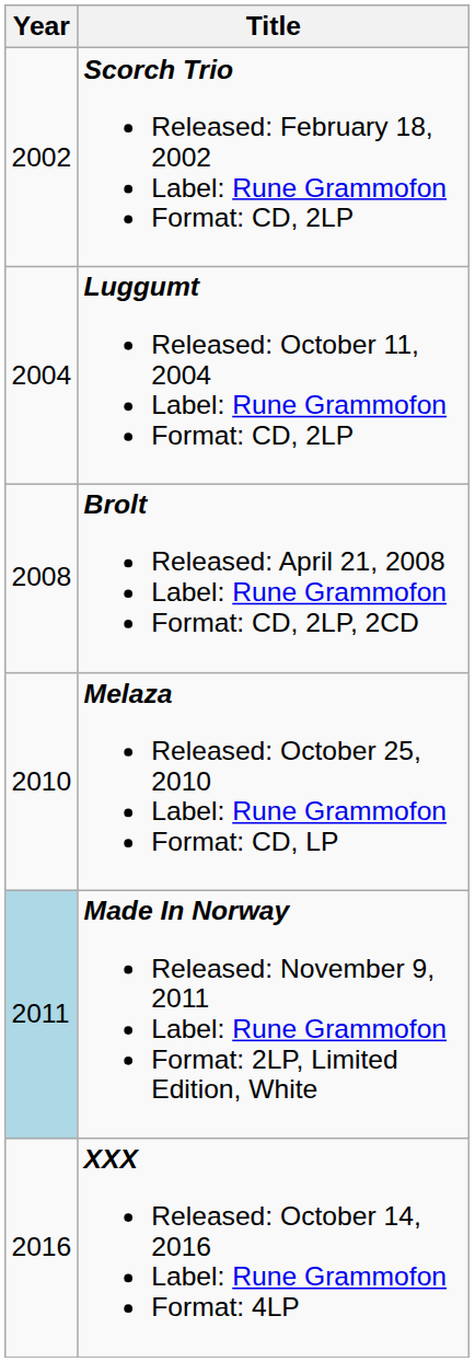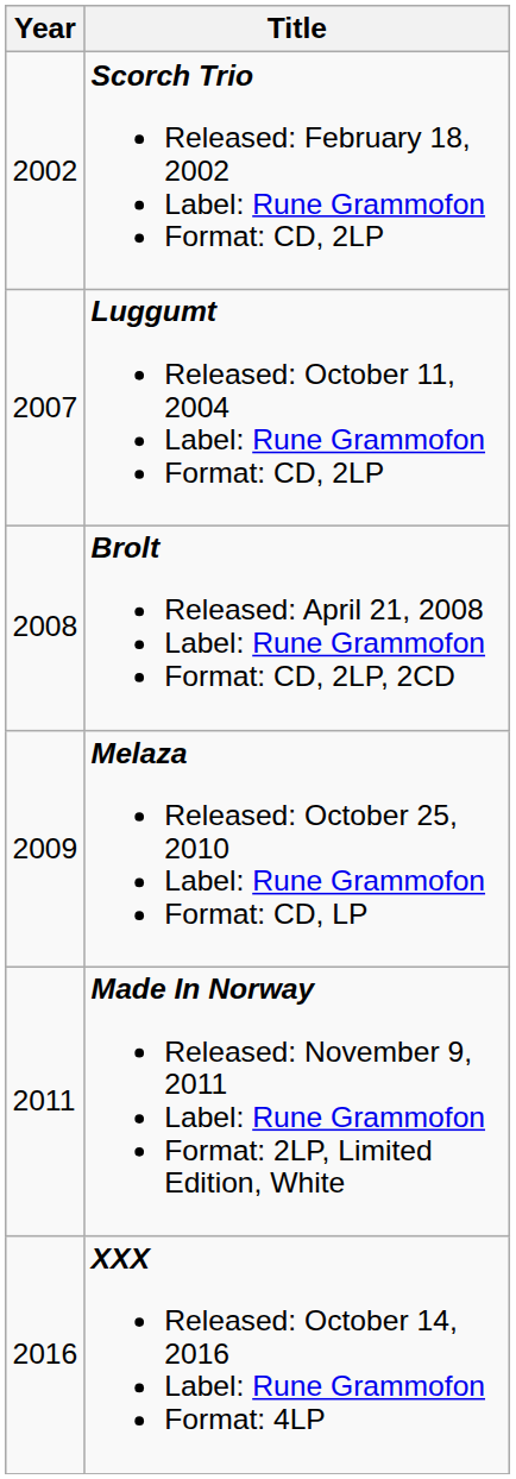 <table class="wikitable">
 <tr>
 <th>Year</th>
 <th style="width:225px;">Title</th>
 </tr>
 <tr>
 <td>2002</td>
 <td><strong><em>Scorch Trio</em></strong><br><ul><li>Released: February 18, 2002</li><li>Label: <a href='#'>Rune Grammofon</a> </li><li>Format: CD, 2LP</li></ul></td>
 </tr>
 <tr>
-<td>2004</td>
+<td>2007</td>
 <td><strong><em>Luggumt</em></strong><br><ul><li>Released: October 11, 2004</li><li>Label: <a href='#'>Rune Grammofon</a> </li><li>Format: CD, 2LP</li></ul></td>
 </tr>
 <tr>
 <td>2008</td>
 <td><strong><em>Brolt</em></strong><br><ul><li>Released: April 21, 2008</li><li>Label: <a href='#'>Rune Grammofon</a> </li><li>Format: CD, 2LP, 2CD</li></ul></td>
 </tr>
 <tr>
-<td>2010</td>
+<td>2009</td>
 <td><strong><em>Melaza</em></strong><br><ul><li>Released: October 25, 2010</li><li>Label: <a href='#'>Rune Grammofon</a> </li><li>Format: CD, LP</li></ul></td>
 </tr>
 <tr>
-<td style="background: lightblue;">2011</td>
+<td>2011</td>
 <td><strong><em>Made In Norway</em></strong><br><ul><li>Released: November 9, 2011</li><li>Label: <a href='#'>Rune Grammofon</a> </li><li>Format: 2LP, Limited Edition, White</li></ul></td>
 </tr>
 <tr>
 <td>2016</td>
 <td><strong><em>XXX</em></strong><br><ul><li>Released: October 14, 2016</li><li>Label: <a href='#'>Rune Grammofon</a> </li><li>Format: 4LP</li></ul></td>
 </tr>
 </table>
